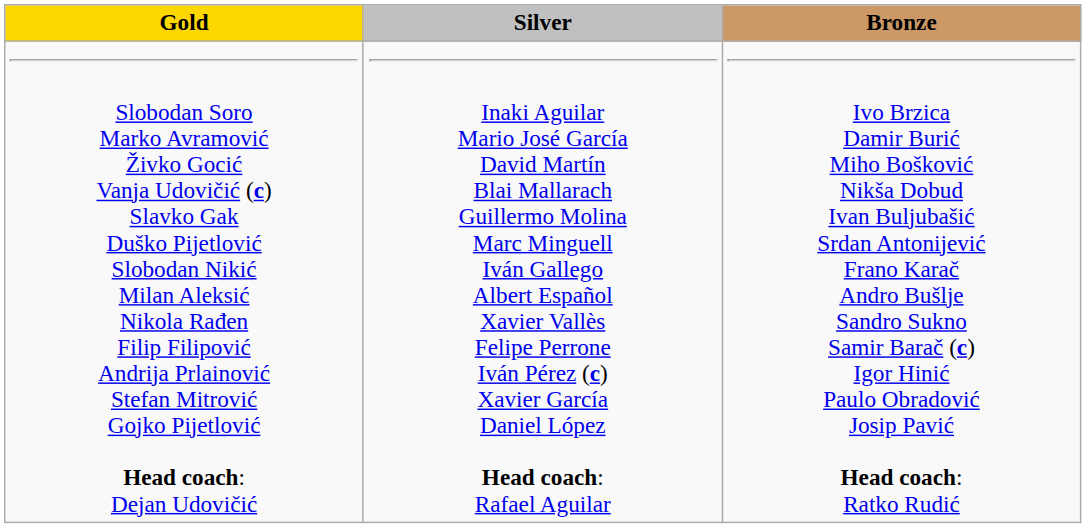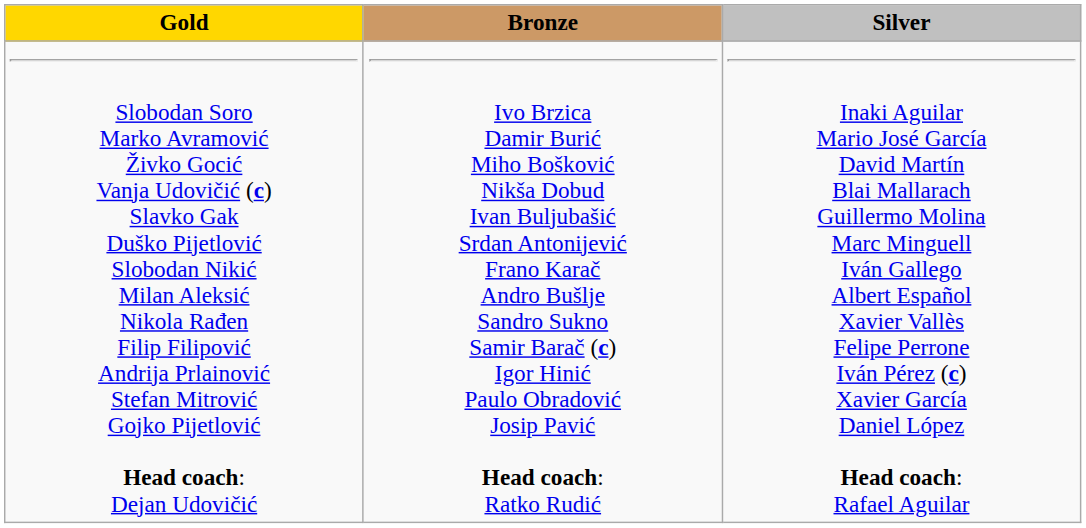 <table class="wikitable">
 <tr>
 <th style="text-align:center; width:15em; background-color:gold;">Gold</th>
+<th style="text-align:center; width:15em; background-color:#CC9966;">Bronze</th>
 <th style="text-align:center; width:15em; background-color:silver;">Silver</th>
-<th style="text-align:center; width:15em; background-color:#CC9966;">Bronze</th>
 </tr>
 <tr>
 <td style="text-align:center; vertical-align:top;"><strong></strong> <hr><br><a href='#'>Slobodan Soro</a><br><a href='#'>Marko Avramović</a><br><a href='#'>Živko Gocić</a><br><a href='#'>Vanja Udovičić</a> (<a href='#'><strong>c</strong></a>)<br><a href='#'>Slavko Gak</a><br><a href='#'>Duško Pijetlović</a><br><a href='#'>Slobodan Nikić</a><br><a href='#'>Milan Aleksić</a><br><a href='#'>Nikola Rađen</a><br><a href='#'>Filip Filipović</a><br><a href='#'>Andrija Prlainović</a><br><a href='#'>Stefan Mitrović</a><br><a href='#'>Gojko Pijetlović</a><br><br><strong>Head coach</strong>: <br> <a href='#'>Dejan Udovičić</a></td>
+<td style="text-align:center; vertical-align:top;"><strong></strong> <hr><br><a href='#'>Ivo Brzica</a><br><a href='#'>Damir Burić</a><br><a href='#'>Miho Bošković</a><br><a href='#'>Nikša Dobud</a><br><a href='#'>Ivan Buljubašić</a><br><a href='#'>Srdan Antonijević</a><br><a href='#'>Frano Karač</a><br><a href='#'>Andro Bušlje</a><br><a href='#'>Sandro Sukno</a><br><a href='#'>Samir Barač</a> (<a href='#'><strong>c</strong></a>)<br><a href='#'>Igor Hinić</a><br><a href='#'>Paulo Obradović</a><br><a href='#'>Josip Pavić</a><br><br><strong>Head coach</strong>: <br> <a href='#'>Ratko Rudić</a></td>
 <td style="text-align:center; vertical-align:top;"><strong></strong> <hr><br><a href='#'>Inaki Aguilar</a><br><a href='#'>Mario José García</a><br><a href='#'>David Martín</a><br><a href='#'>Blai Mallarach</a><br><a href='#'>Guillermo Molina</a><br><a href='#'>Marc Minguell</a><br><a href='#'>Iván Gallego</a><br><a href='#'>Albert Español</a><br><a href='#'>Xavier Vallès</a><br><a href='#'>Felipe Perrone</a><br><a href='#'>Iván Pérez</a> (<a href='#'><strong>c</strong></a>)<br> <a href='#'>Xavier García</a><br><a href='#'>Daniel López</a><br><br><strong>Head coach</strong>: <br> <a href='#'>Rafael Aguilar</a></td>
-<td style="text-align:center; vertical-align:top;"><strong></strong> <hr><br><a href='#'>Ivo Brzica</a><br><a href='#'>Damir Burić</a><br><a href='#'>Miho Bošković</a><br><a href='#'>Nikša Dobud</a><br><a href='#'>Ivan Buljubašić</a><br><a href='#'>Srdan Antonijević</a><br><a href='#'>Frano Karač</a><br><a href='#'>Andro Bušlje</a><br><a href='#'>Sandro Sukno</a><br><a href='#'>Samir Barač</a> (<a href='#'><strong>c</strong></a>)<br><a href='#'>Igor Hinić</a><br><a href='#'>Paulo Obradović</a><br><a href='#'>Josip Pavić</a><br><br><strong>Head coach</strong>: <br> <a href='#'>Ratko Rudić</a></td>
 </tr>
 </table>
